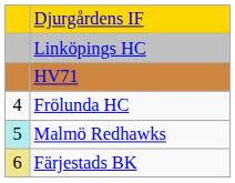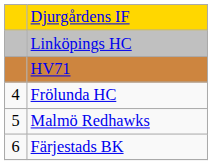 <table class="wikitable" width="200px">
 <tr style="background:#ffd700;">
 <td align=center></td>
 <td><a href='#'>Djurgårdens IF</a></td>
 </tr>
 <tr style="background:#c0c0c0;">
 <td align=center></td>
 <td><a href='#'>Linköpings HC</a></td>
 </tr>
 <tr style="background:#CD853F;">
 <td align=center></td>
 <td><a href='#'>HV71</a></td>
 </tr>
 <tr>
 <td align=center>4</td>
 <td><a href='#'>Frölunda HC</a></td>
 </tr>
 <tr>
-<td align=center style="background: paleturquoise;">5</td>
+<td align=center>5</td>
 <td><a href='#'>Malmö Redhawks</a></td>
 </tr>
 <tr>
-<td align=center style="background: khaki;">6</td>
+<td align=center>6</td>
 <td><a href='#'>Färjestads BK</a></td>
 </tr>
 <tr>
 </tr>
 </table>
